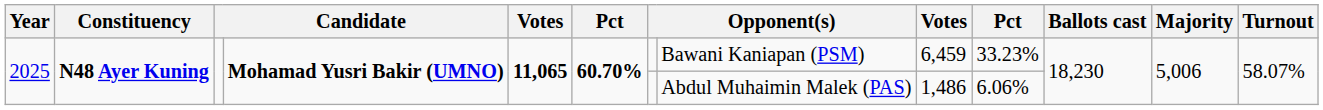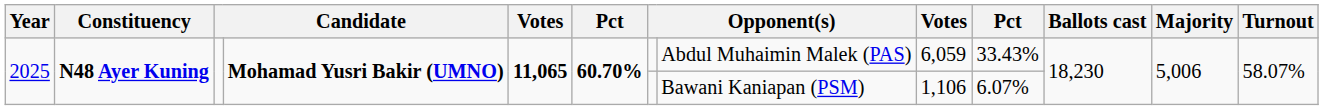 <table class="wikitable" style="margin:0.5em ; font-size:95%">
 <tr>
 <th>Year</th>
 <th>Constituency</th>
 <th colspan="2">Candidate</th>
 <th>Votes</th>
 <th>Pct</th>
 <th colspan="2">Opponent(s)</th>
 <th>Votes</th>
 <th>Pct</th>
 <th>Ballots cast</th>
 <th>Majority</th>
 <th>Turnout</th>
 </tr>
 <tr>
 <td rowspan=2><a href='#'>2025</a></td>
 <td rowspan=2><strong>N48 <a href='#'>Ayer Kuning</a></strong></td>
 <td rowspan=2 ></td>
 <td rowspan=2><strong>Mohamad Yusri Bakir (<a href='#'>UMNO</a>)</strong></td>
 <td rowspan=2><strong>11,065</strong></td>
 <td rowspan=2><strong>60.70%</strong></td>
 <td></td>
-<td>Bawani Kaniapan (<a href='#'>PSM</a>)</td>
-<td>6,459</td>
-<td>33.23%</td>
+<td>Abdul Muhaimin Malek (<a href='#'>PAS</a>)</td>
+<td>6,059</td>
+<td>33.43%</td>
 <td rowspan=2>18,230</td>
 <td rowspan=2>5,006</td>
 <td rowspan=2>58.07%</td>
 </tr>
 <tr>
 <td bgcolor=></td>
-<td>Abdul Muhaimin Malek (<a href='#'>PAS</a>)</td>
-<td>1,486</td>
-<td>6.06%</td>
+<td>Bawani Kaniapan (<a href='#'>PSM</a>)</td>
+<td>1,106</td>
+<td>6.07%</td>
 </tr>
 </table>
